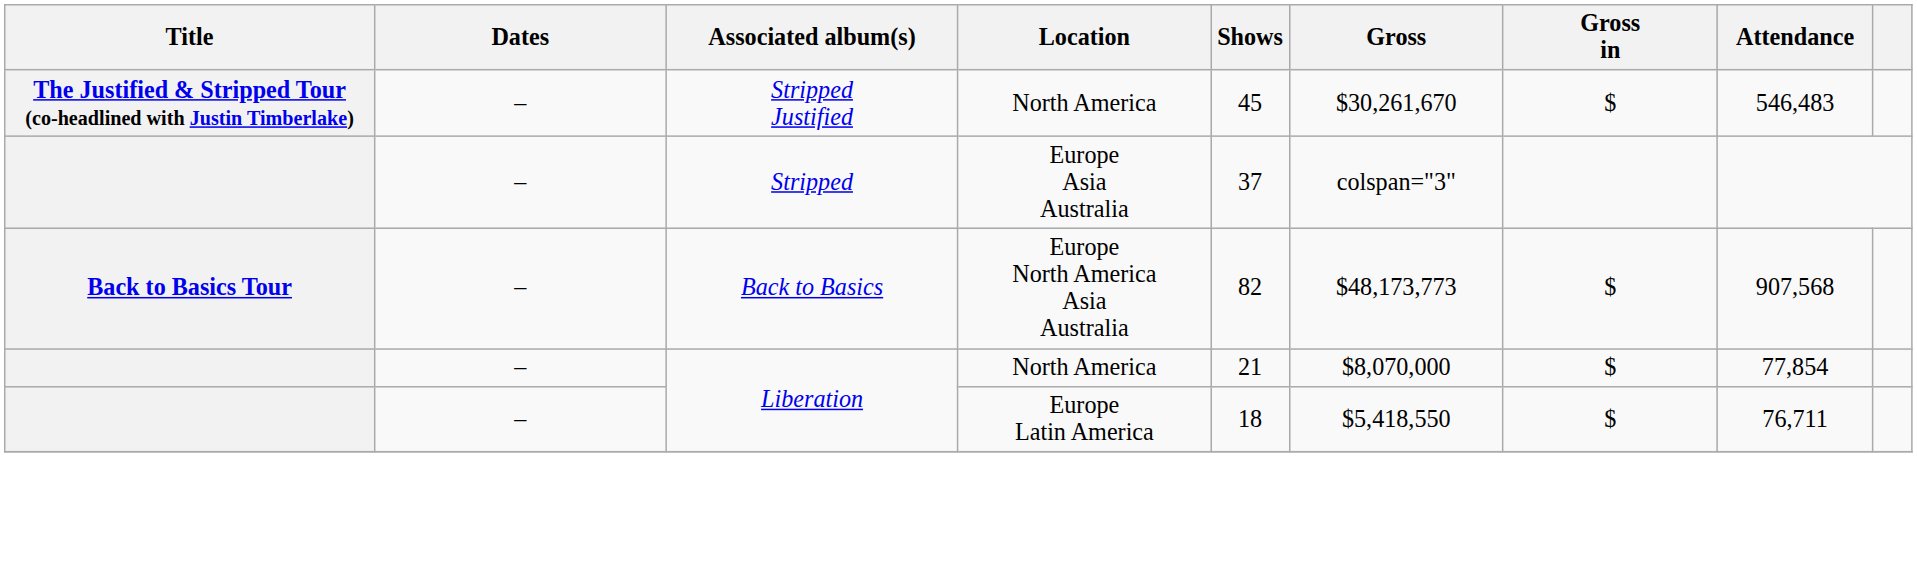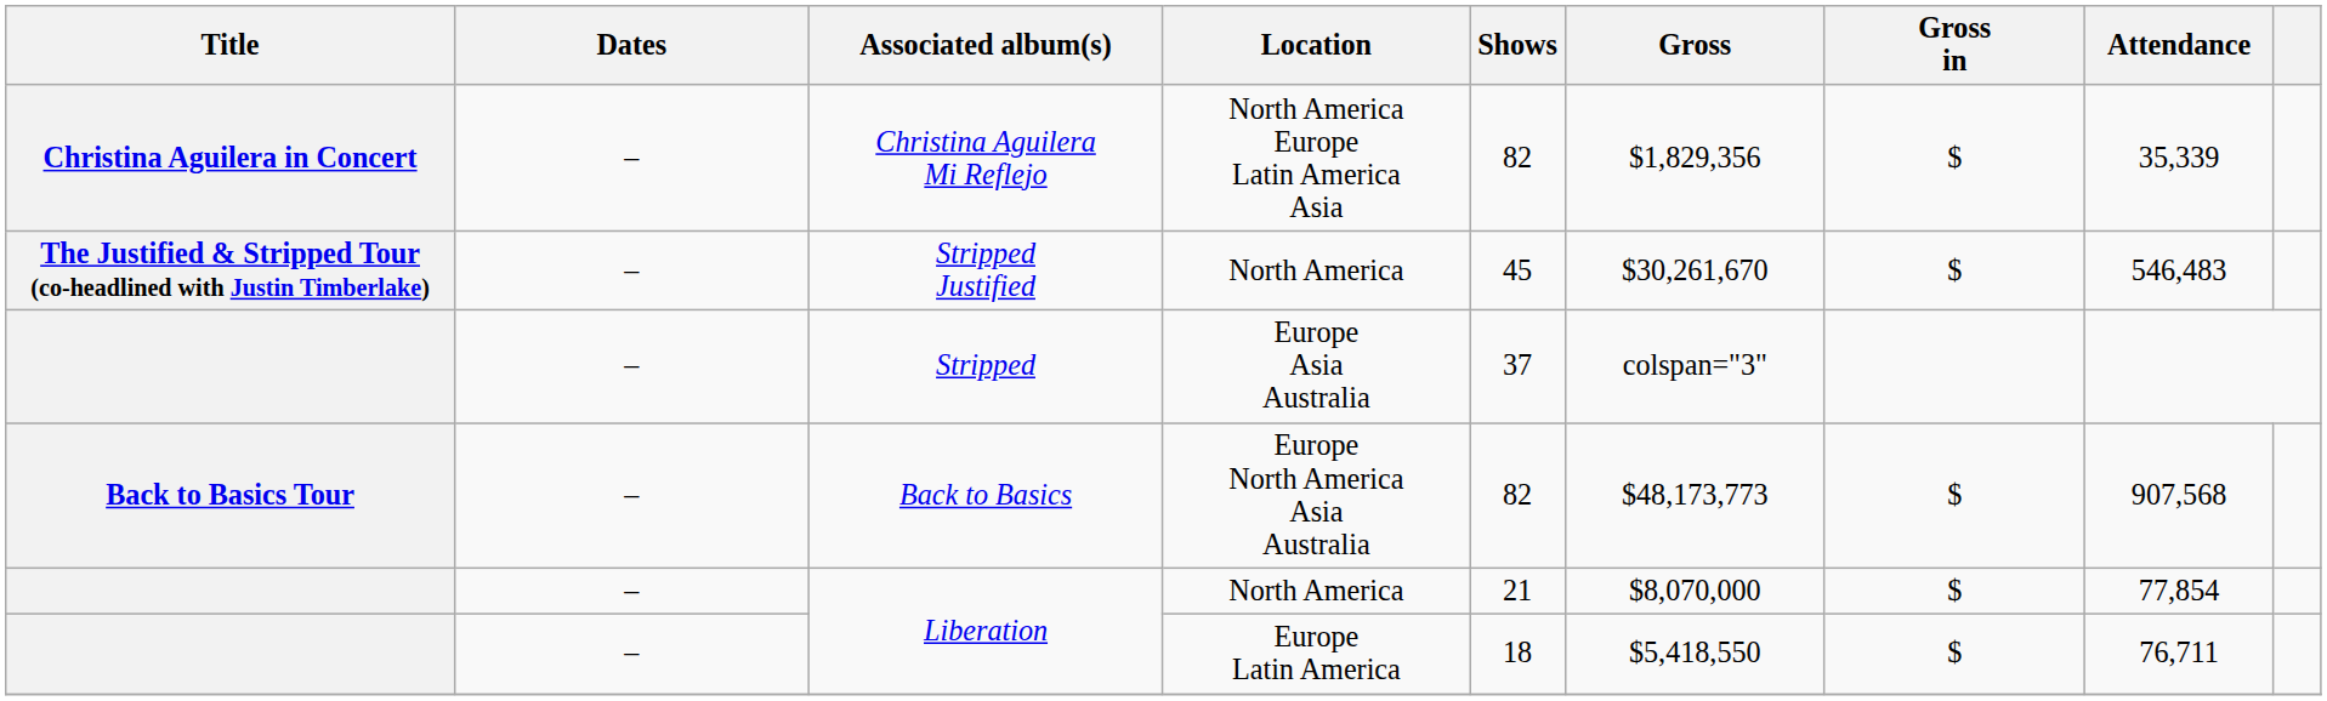 <table class="wikitable sortable plainrowheaders" style="text-align:center;" width="100%">
 <tr>
 <th scope="col" width="19%">Title</th>
 <th scope="col" width="15%">Dates</th>
 <th scope="col" width="15%">Associated album(s)</th>
 <th scope="col" width="13%">Location</th>
 <th scope="col" width="4%">Shows</th>
 <th scope="col" width="11%">Gross</th>
 <th scope="col" width="11%">Gross <br>in </th>
 <th scope="col" width="8%">Attendance</th>
 <th class="unsortable" scope="col" width="2%"></th>
+</tr>
+<tr>
+<th scope="row"><a href='#'>Christina Aguilera in Concert</a></th>
+<td>–<br></td>
+<td><em><a href='#'>Christina Aguilera</a></em><br><em><a href='#'>Mi Reflejo</a></em></td>
+<td>North America<br>Europe<br>Latin America<br>Asia</td>
+<td>82</td>
+<td>$1,829,356</td>
+<td>$</td>
+<td>35,339</td>
+<td></td>
 </tr>
 <tr>
 <th scope="row"><a href='#'>The Justified & Stripped Tour</a><br><small>(co-headlined with <a href='#'>Justin Timberlake</a>)</small></th>
 <td>–<br></td>
 <td><em><a href='#'>Stripped</a></em><br><em><a href='#'>Justified</a></em></td>
 <td>North America</td>
 <td>45</td>
 <td>$30,261,670</td>
 <td>$</td>
 <td>546,483</td>
 <td></td>
 </tr>
 <tr>
 <th scope="row"></th>
 <td>–<br></td>
 <td><em><a href='#'>Stripped</a></em></td>
 <td>Europe<br>Asia<br>Australia</td>
 <td>37</td>
 <td>colspan="3" </td>
 <td></td>
 </tr>
 <tr>
 <th scope="row"><a href='#'>Back to Basics Tour</a></th>
 <td>–<br></td>
 <td><em><a href='#'>Back to Basics</a></em></td>
 <td>Europe<br>North America<br>Asia<br>Australia</td>
 <td>82</td>
 <td>$48,173,773</td>
 <td>$</td>
 <td>907,568</td>
 <td></td>
 </tr>
 <tr>
 <th scope="row"></th>
 <td>–<br></td>
 <td rowspan="2"><em><a href='#'>Liberation</a></em></td>
 <td>North America</td>
 <td>21</td>
 <td>$8,070,000</td>
 <td>$</td>
 <td>77,854</td>
 <td></td>
 </tr>
 <tr>
 <th scope="row"></th>
 <td>–<br></td>
 <td>Europe<br>Latin America</td>
 <td>18</td>
 <td>$5,418,550</td>
 <td>$</td>
 <td>76,711</td>
 <td></td>
 </tr>
 <tr>
 </tr>
 </table>
